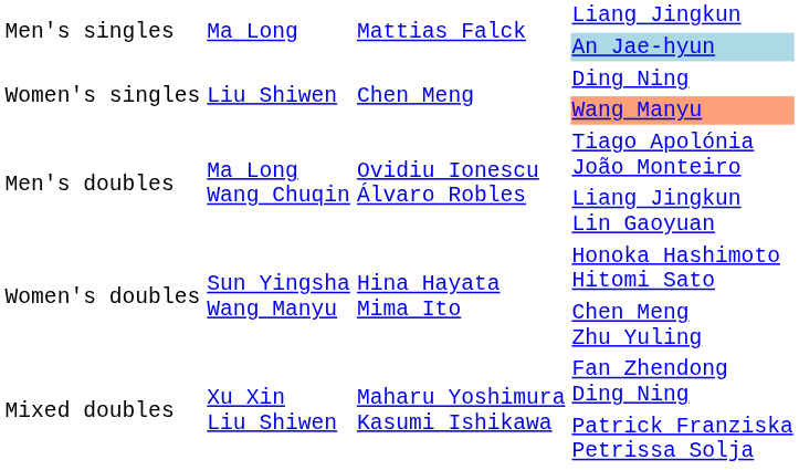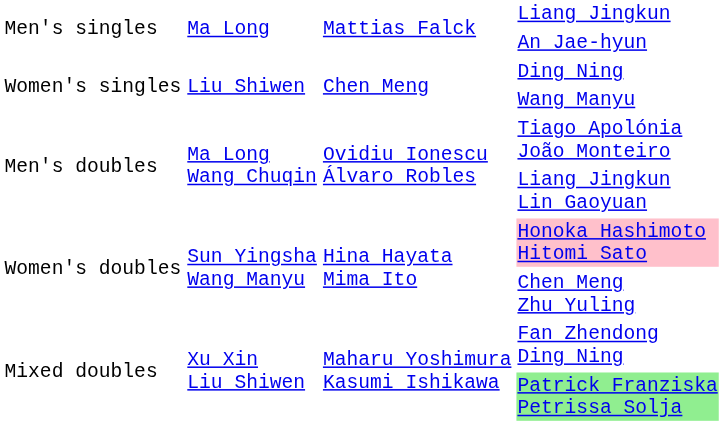 <table>
 <tr>
 <td rowspan=2>Men's singles <br></td>
 <td rowspan=2> <a href='#'>Ma Long</a></td>
 <td rowspan=2> <a href='#'>Mattias Falck</a></td>
 <td> <a href='#'>Liang Jingkun</a></td>
 </tr>
 <tr>
-<td style="background: lightblue;"> <a href='#'>An Jae-hyun</a></td>
+<td> <a href='#'>An Jae-hyun</a></td>
 </tr>
 <tr>
 <td rowspan=2>Women's singles <br></td>
 <td rowspan=2> <a href='#'>Liu Shiwen</a></td>
 <td rowspan=2> <a href='#'>Chen Meng</a></td>
 <td> <a href='#'>Ding Ning</a></td>
 </tr>
 <tr>
-<td style="background: lightsalmon;"> <a href='#'>Wang Manyu</a></td>
+<td> <a href='#'>Wang Manyu</a></td>
 </tr>
 <tr>
 <td rowspan=2>Men's doubles <br></td>
 <td rowspan=2> <a href='#'>Ma Long</a><br> <a href='#'>Wang Chuqin</a></td>
 <td rowspan=2> <a href='#'>Ovidiu Ionescu</a><br> <a href='#'>Álvaro Robles</a></td>
 <td> <a href='#'>Tiago Apolónia</a><br> <a href='#'>João Monteiro</a></td>
 </tr>
 <tr>
 <td> <a href='#'>Liang Jingkun</a><br> <a href='#'>Lin Gaoyuan</a></td>
 </tr>
 <tr>
 <td rowspan=2>Women's doubles <br></td>
 <td rowspan=2> <a href='#'>Sun Yingsha</a><br> <a href='#'>Wang Manyu</a></td>
 <td rowspan=2> <a href='#'>Hina Hayata</a><br> <a href='#'>Mima Ito</a></td>
-<td> <a href='#'>Honoka Hashimoto</a><br> <a href='#'>Hitomi Sato</a></td>
+<td style="background: pink;"> <a href='#'>Honoka Hashimoto</a><br> <a href='#'>Hitomi Sato</a></td>
 </tr>
 <tr>
 <td> <a href='#'>Chen Meng</a><br> <a href='#'>Zhu Yuling</a></td>
 </tr>
 <tr>
 <td rowspan=2>Mixed doubles <br></td>
 <td rowspan=2> <a href='#'>Xu Xin</a><br> <a href='#'>Liu Shiwen</a></td>
 <td rowspan=2> <a href='#'>Maharu Yoshimura</a><br> <a href='#'>Kasumi Ishikawa</a></td>
 <td> <a href='#'>Fan Zhendong</a><br> <a href='#'>Ding Ning</a></td>
 </tr>
 <tr>
-<td> <a href='#'>Patrick Franziska</a><br> <a href='#'>Petrissa Solja</a></td>
+<td style="background: lightgreen;"> <a href='#'>Patrick Franziska</a><br> <a href='#'>Petrissa Solja</a></td>
 </tr>
 </table>
